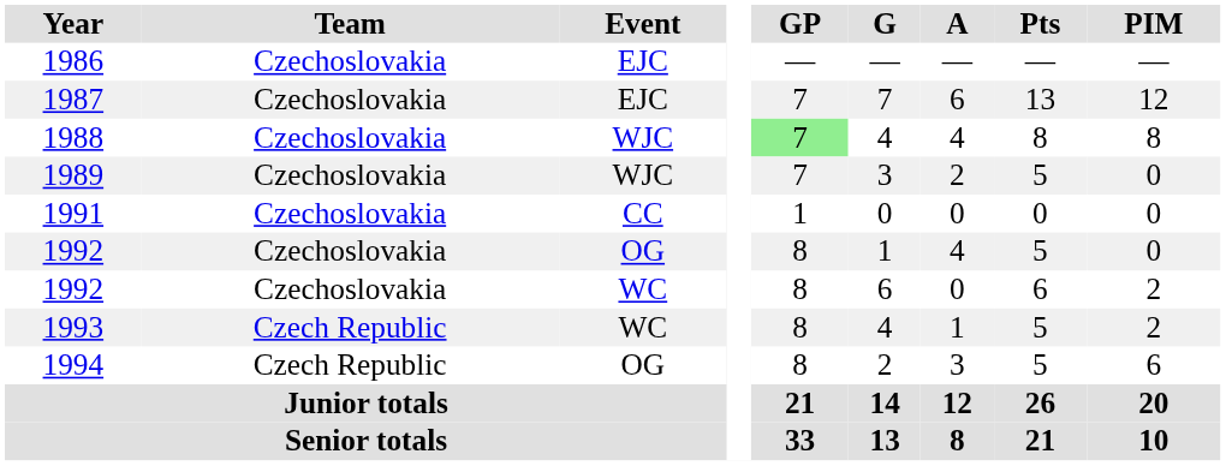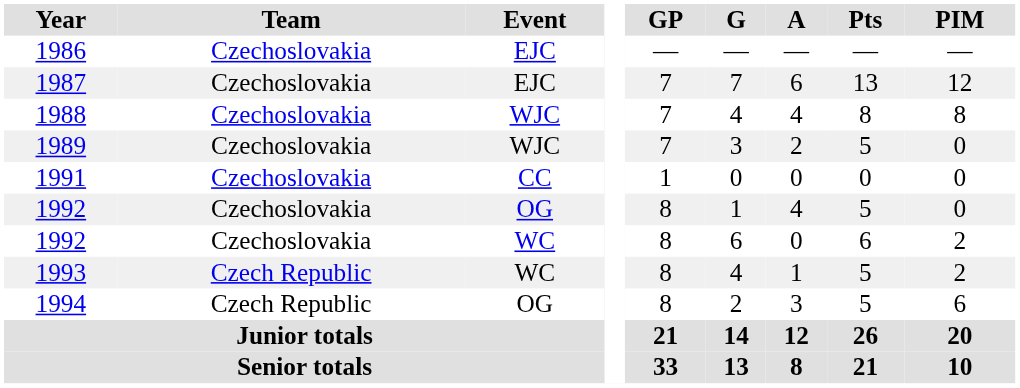 <table border="0" cellpadding="1" cellspacing="0" style="text-align:center; width:40em">
 <tr ALIGN="center" bgcolor="#e0e0e0">
 <th>Year</th>
 <th>Team</th>
 <th>Event</th>
 <th rowspan="99" bgcolor="#ffffff"> </th>
 <th>GP</th>
 <th>G</th>
 <th>A</th>
 <th>Pts</th>
 <th>PIM</th>
 </tr>
 <tr>
 <td><a href='#'>1986</a></td>
 <td><a href='#'>Czechoslovakia</a></td>
 <td><a href='#'>EJC</a></td>
 <td>—</td>
 <td>—</td>
 <td>—</td>
 <td>—</td>
 <td>—</td>
 </tr>
 <tr bgcolor="#f0f0f0">
 <td><a href='#'>1987</a></td>
 <td>Czechoslovakia</td>
 <td>EJC</td>
 <td>7</td>
 <td>7</td>
 <td>6</td>
 <td>13</td>
 <td>12</td>
 </tr>
 <tr>
 <td><a href='#'>1988</a></td>
 <td><a href='#'>Czechoslovakia</a></td>
 <td><a href='#'>WJC</a></td>
-<td style="background: lightgreen;">7</td>
+<td>7</td>
 <td>4</td>
 <td>4</td>
 <td>8</td>
 <td>8</td>
 </tr>
 <tr bgcolor="#f0f0f0">
 <td><a href='#'>1989</a></td>
 <td>Czechoslovakia</td>
 <td>WJC</td>
 <td>7</td>
 <td>3</td>
 <td>2</td>
 <td>5</td>
 <td>0</td>
 </tr>
 <tr>
 <td><a href='#'>1991</a></td>
 <td><a href='#'>Czechoslovakia</a></td>
 <td><a href='#'>CC</a></td>
 <td>1</td>
 <td>0</td>
 <td>0</td>
 <td>0</td>
 <td>0</td>
 </tr>
 <tr bgcolor="#f0f0f0">
 <td><a href='#'>1992</a></td>
 <td>Czechoslovakia</td>
 <td><a href='#'>OG</a></td>
 <td>8</td>
 <td>1</td>
 <td>4</td>
 <td>5</td>
 <td>0</td>
 </tr>
 <tr>
 <td><a href='#'>1992</a></td>
 <td>Czechoslovakia</td>
 <td><a href='#'>WC</a></td>
 <td>8</td>
 <td>6</td>
 <td>0</td>
 <td>6</td>
 <td>2</td>
 </tr>
 <tr bgcolor="#f0f0f0">
 <td><a href='#'>1993</a></td>
 <td><a href='#'>Czech Republic</a></td>
 <td>WC</td>
 <td>8</td>
 <td>4</td>
 <td>1</td>
 <td>5</td>
 <td>2</td>
 </tr>
 <tr>
 <td><a href='#'>1994</a></td>
 <td>Czech Republic</td>
 <td>OG</td>
 <td>8</td>
 <td>2</td>
 <td>3</td>
 <td>5</td>
 <td>6</td>
 </tr>
 <tr bgcolor="#e0e0e0">
 <th colspan=3>Junior totals</th>
 <th>21</th>
 <th>14</th>
 <th>12</th>
 <th>26</th>
 <th>20</th>
 </tr>
 <tr bgcolor="#e0e0e0">
 <th colspan=3>Senior totals</th>
 <th>33</th>
 <th>13</th>
 <th>8</th>
 <th>21</th>
 <th>10</th>
 </tr>
 </table>
